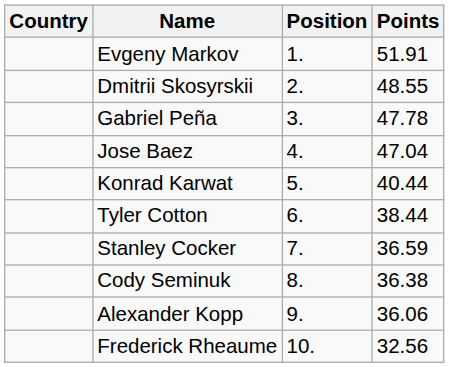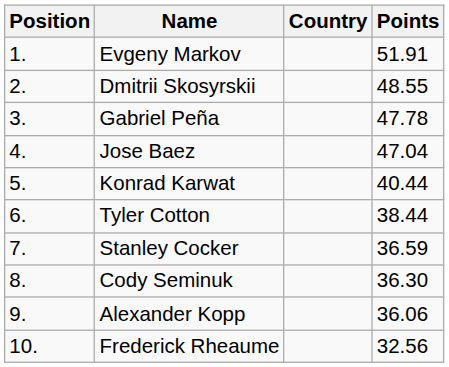 <table class="wikitable sortable" style="display: inline-table">
 <tr>
+<th>Position</th>
+<th>Name</th>
 <th>Country</th>
-<th>Name</th>
-<th>Position</th>
 <th>Points</th>
 </tr>
 <tr>
+<td>1.</td>
+<td>Evgeny Markov</td>
 <td></td>
-<td>Evgeny Markov</td>
-<td>1.</td>
 <td>51.91</td>
 </tr>
 <tr>
+<td>2.</td>
+<td>Dmitrii Skosyrskii</td>
 <td></td>
-<td>Dmitrii Skosyrskii</td>
-<td>2.</td>
 <td>48.55</td>
 </tr>
 <tr>
+<td>3.</td>
+<td>Gabriel Peña</td>
 <td></td>
-<td>Gabriel Peña</td>
-<td>3.</td>
 <td>47.78</td>
 </tr>
 <tr>
+<td>4.</td>
+<td>Jose Baez</td>
 <td></td>
-<td>Jose Baez</td>
-<td>4.</td>
 <td>47.04</td>
 </tr>
 <tr>
+<td>5.</td>
+<td>Konrad Karwat</td>
 <td></td>
-<td>Konrad Karwat</td>
-<td>5.</td>
 <td>40.44</td>
 </tr>
 <tr>
+<td>6.</td>
+<td>Tyler Cotton</td>
 <td></td>
-<td>Tyler Cotton</td>
-<td>6.</td>
 <td>38.44</td>
 </tr>
 <tr>
+<td>7.</td>
+<td>Stanley Cocker</td>
 <td></td>
-<td>Stanley Cocker</td>
-<td>7.</td>
 <td>36.59</td>
 </tr>
 <tr>
+<td>8.</td>
+<td>Cody Seminuk</td>
 <td></td>
-<td>Cody Seminuk</td>
-<td>8.</td>
-<td>36.38</td>
+<td>36.30</td>
 </tr>
 <tr>
+<td>9.</td>
+<td>Alexander Kopp</td>
 <td></td>
-<td>Alexander Kopp</td>
-<td>9.</td>
 <td>36.06</td>
 </tr>
 <tr>
+<td>10.</td>
+<td>Frederick Rheaume</td>
 <td></td>
-<td>Frederick Rheaume</td>
-<td>10.</td>
 <td>32.56</td>
 </tr>
 </table>
